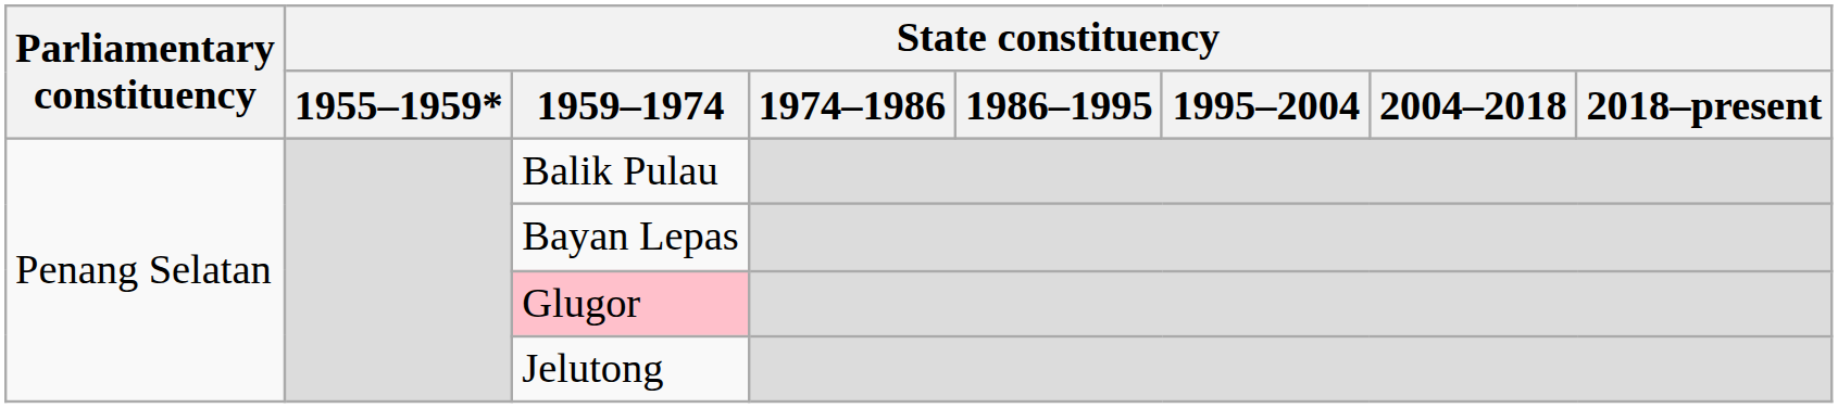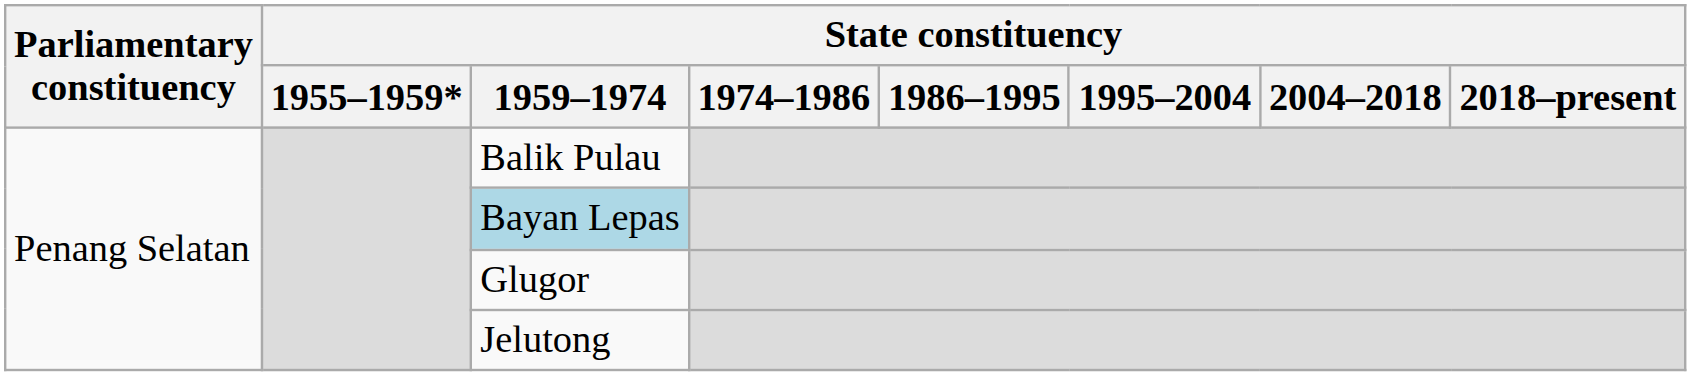 <table class="wikitable">
 <tr>
 <th rowspan="2">Parliamentary<br>constituency</th>
 <th colspan="7">State constituency</th>
 </tr>
 <tr>
 <th>1955–1959*</th>
 <th>1959–1974</th>
 <th>1974–1986</th>
 <th>1986–1995</th>
 <th>1995–2004</th>
 <th>2004–2018</th>
 <th>2018–present</th>
 </tr>
 <tr>
 <td rowspan="4">Penang Selatan</td>
 <td rowspan="4" bgcolor="dcdcdc"></td>
 <td>Balik Pulau</td>
 <td colspan="5" bgcolor="dcdcdc"></td>
 </tr>
 <tr>
-<td>Bayan Lepas</td>
+<td style="background: lightblue;">Bayan Lepas</td>
 <td colspan="5" bgcolor="dcdcdc"></td>
 </tr>
 <tr>
-<td style="background: pink;">Glugor</td>
+<td>Glugor</td>
 <td colspan="5" bgcolor="dcdcdc"></td>
 </tr>
 <tr>
 <td>Jelutong</td>
 <td colspan="5" bgcolor="dcdcdc"></td>
 </tr>
 </table>
